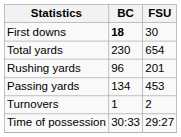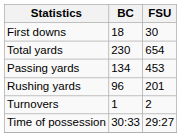 <table class="wikitable">
 <tr>
 <th>Statistics</th>
 <th>BC</th>
 <th>FSU</th>
 </tr>
 <tr>
 <td>First downs</td>
-<td><strong>18</strong></td>
+<td>18</td>
 <td>30</td>
 </tr>
 <tr>
 <td>Total yards</td>
 <td>230</td>
 <td>654</td>
 </tr>
 <tr>
+<td>Passing yards</td>
+<td>134</td>
+<td>453</td>
+</tr>
+<tr>
 <td>Rushing yards</td>
 <td>96</td>
 <td>201</td>
-</tr>
-<tr>
-<td>Passing yards</td>
-<td>134</td>
-<td>453</td>
 </tr>
 <tr>
 <td>Turnovers</td>
 <td>1</td>
 <td>2</td>
 </tr>
 <tr>
 <td>Time of possession</td>
 <td>30:33</td>
 <td>29:27</td>
 </tr>
 <tr>
 </tr>
 </table>
